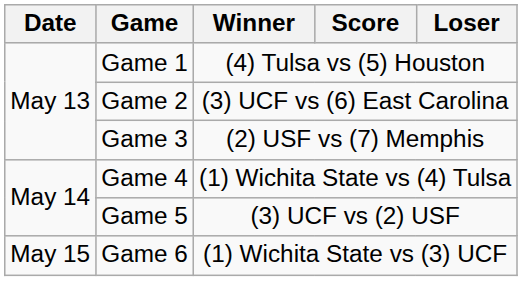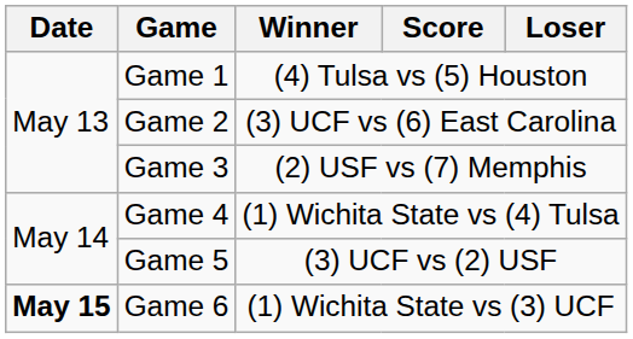 <table class=wikitable align=center>
 <tr>
 <th>Date</th>
 <th>Game</th>
 <th>Winner</th>
 <th>Score</th>
 <th>Loser</th>
 </tr>
 <tr>
 <td rowspan=3>May 13</td>
 <td>Game 1</td>
 <td colspan=3 align=center>(4) Tulsa vs (5) Houston</td>
 </tr>
 <tr>
 <td>Game 2</td>
 <td colspan=3 align=center>(3) UCF vs (6) East Carolina</td>
 </tr>
 <tr>
 <td>Game 3</td>
 <td colspan=3 align=center>(2) USF vs (7) Memphis</td>
 </tr>
 <tr>
 <td rowspan=2>May 14</td>
 <td>Game 4</td>
 <td colspan=3 align=center>(1) Wichita State vs (4) Tulsa</td>
 </tr>
 <tr>
 <td>Game 5</td>
 <td colspan=3 align=center>(3) UCF vs (2) USF</td>
 </tr>
 <tr>
-<td>May 15</td>
+<td><strong>May 15</strong></td>
 <td>Game 6</td>
 <td colspan=3 align=center>(1) Wichita State vs (3) UCF</td>
 </tr>
 </table>
